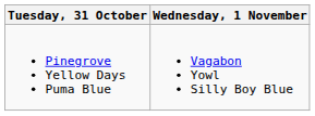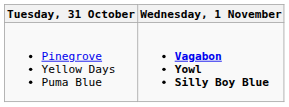 <table class="wikitable">
 <tr>
 <th>Tuesday, 31 October</th>
 <th>Wednesday, 1 November</th>
 </tr>
 <tr valign="top">
 <td><br><ul><li><a href='#'>Pinegrove</a></li><li>Yellow Days</li><li>Puma Blue</li></ul></td>
-<td><br><ul><li><a href='#'>Vagabon</a></li><li>Yowl</li><li>Silly Boy Blue</li></ul></td>
+<td><strong><br><ul><li><a href='#'>Vagabon</a></li><li>Yowl</li><li>Silly Boy Blue</li></ul></strong></td>
 </tr>
 </table>
